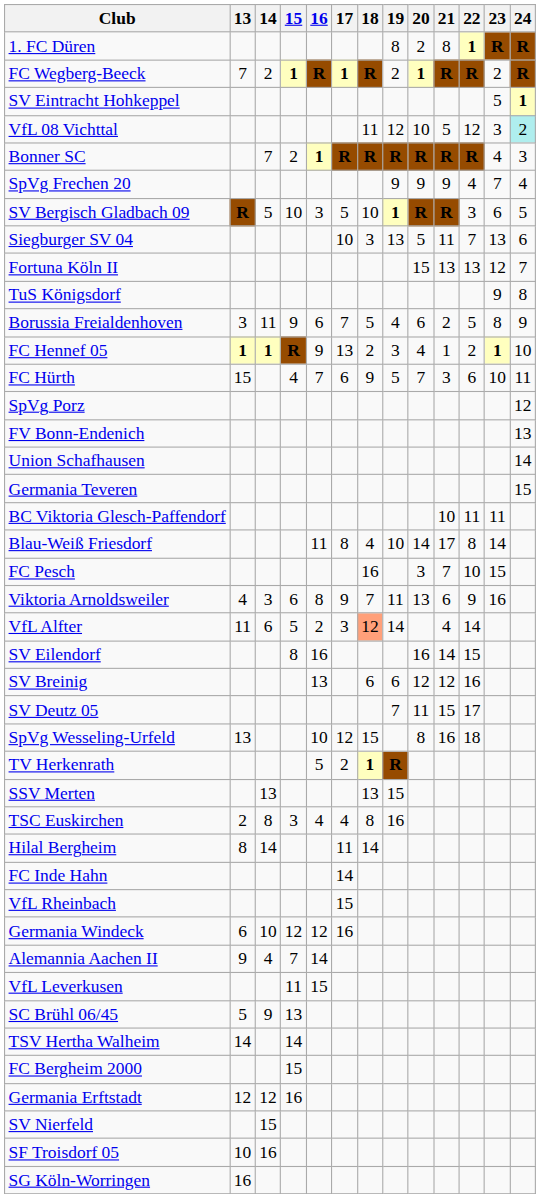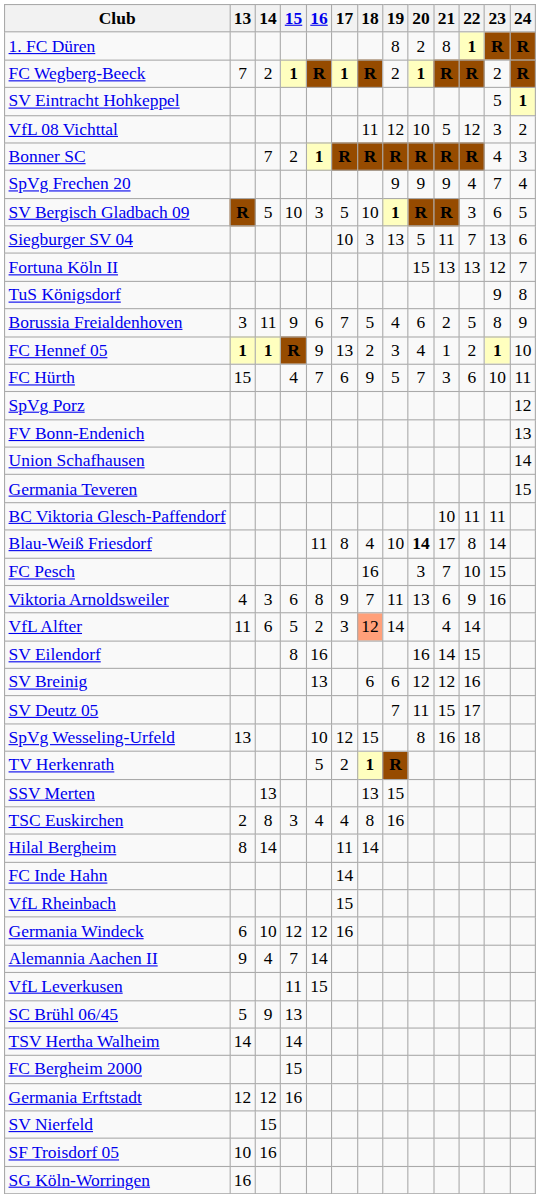 <table class="wikitable">
 <tr>
 <th>Club</th>
 <th>13</th>
 <th>14</th>
 <th><a href='#'>15</a></th>
 <th><a href='#'>16</a></th>
 <th>17</th>
 <th>18</th>
 <th>19</th>
 <th>20</th>
 <th>21</th>
 <th>22</th>
 <th>23</th>
 <th>24</th>
 </tr>
 <tr style="text-align:center;">
 <td align="left"><a href='#'>1. FC Düren</a></td>
 <td></td>
 <td></td>
 <td></td>
 <td></td>
 <td></td>
 <td></td>
 <td>8</td>
 <td>2</td>
 <td>8</td>
 <td style="background:#ffffbf"><strong>1</strong></td>
 <td style="background:#964B00"><strong>R</strong></td>
 <td style="background:#964B00"><strong>R</strong></td>
 </tr>
 <tr style="text-align:center;">
 <td align="left"><a href='#'>FC Wegberg-Beeck</a></td>
 <td>7</td>
 <td>2</td>
 <td style="background:#ffffbf"><strong>1</strong></td>
 <td style="background:#964B00"><strong>R</strong></td>
 <td style="background:#ffffbf"><strong>1</strong></td>
 <td style="background:#964B00"><strong>R</strong></td>
 <td>2</td>
 <td style="background:#ffffbf"><strong>1</strong></td>
 <td style="background:#964B00"><strong>R</strong></td>
 <td style="background:#964B00"><strong>R</strong></td>
 <td>2</td>
 <td style="background:#964B00"><strong>R</strong></td>
 </tr>
 <tr style="text-align:center;">
 <td align="left"><a href='#'>SV Eintracht Hohkeppel</a></td>
 <td></td>
 <td></td>
 <td></td>
 <td></td>
 <td></td>
 <td></td>
 <td></td>
 <td></td>
 <td></td>
 <td></td>
 <td>5</td>
 <td style="background:#ffffbf"><strong>1</strong></td>
 </tr>
 <tr style="text-align:center;">
 <td align="left"><a href='#'>VfL 08 Vichttal</a></td>
 <td></td>
 <td></td>
 <td></td>
 <td></td>
 <td></td>
 <td>11</td>
 <td>12</td>
 <td>10</td>
 <td>5</td>
 <td>12</td>
 <td>3</td>
-<td style="background: paleturquoise;">2</td>
+<td>2</td>
 </tr>
 <tr style="text-align:center;">
 <td align="left"><a href='#'>Bonner SC</a></td>
 <td></td>
 <td>7</td>
 <td>2</td>
 <td style="background:#ffffbf"><strong>1</strong></td>
 <td style="background:#964B00"><strong>R</strong></td>
 <td style="background:#964B00"><strong>R</strong></td>
 <td style="background:#964B00"><strong>R</strong></td>
 <td style="background:#964B00"><strong>R</strong></td>
 <td style="background:#964B00"><strong>R</strong></td>
 <td style="background:#964B00"><strong>R</strong></td>
 <td>4</td>
 <td>3</td>
 </tr>
 <tr style="text-align:center;">
 <td align="left"><a href='#'>SpVg Frechen 20</a></td>
 <td></td>
 <td></td>
 <td></td>
 <td></td>
 <td></td>
 <td></td>
 <td>9</td>
 <td>9</td>
 <td>9</td>
 <td>4</td>
 <td>7</td>
 <td>4</td>
 </tr>
 <tr style="text-align:center;">
 <td align="left"><a href='#'>SV Bergisch Gladbach 09</a></td>
 <td style="background:#964B00"><strong>R</strong></td>
 <td>5</td>
 <td>10</td>
 <td>3</td>
 <td>5</td>
 <td>10</td>
 <td style="background:#ffffbf"><strong>1</strong></td>
 <td style="background:#964B00"><strong>R</strong></td>
 <td style="background:#964B00"><strong>R</strong></td>
 <td>3</td>
 <td>6</td>
 <td>5</td>
 </tr>
 <tr style="text-align:center;">
 <td align="left"><a href='#'>Siegburger SV 04</a></td>
 <td></td>
 <td></td>
 <td></td>
 <td></td>
 <td>10</td>
 <td>3</td>
 <td>13</td>
 <td>5</td>
 <td>11</td>
 <td>7</td>
 <td>13</td>
 <td>6</td>
 </tr>
 <tr style="text-align:center;">
 <td align="left"><a href='#'>Fortuna Köln II</a></td>
 <td></td>
 <td></td>
 <td></td>
 <td></td>
 <td></td>
 <td></td>
 <td></td>
 <td>15</td>
 <td>13</td>
 <td>13</td>
 <td>12</td>
 <td>7</td>
 </tr>
 <tr style="text-align:center;">
 <td align="left"><a href='#'>TuS Königsdorf</a></td>
 <td></td>
 <td></td>
 <td></td>
 <td></td>
 <td></td>
 <td></td>
 <td></td>
 <td></td>
 <td></td>
 <td></td>
 <td>9</td>
 <td>8</td>
 </tr>
 <tr style="text-align:center;">
 <td align="left"><a href='#'>Borussia Freialdenhoven</a></td>
 <td>3</td>
 <td>11</td>
 <td>9</td>
 <td>6</td>
 <td>7</td>
 <td>5</td>
 <td>4</td>
 <td>6</td>
 <td>2</td>
 <td>5</td>
 <td>8</td>
 <td>9</td>
 </tr>
 <tr style="text-align:center;">
 <td align="left"><a href='#'>FC Hennef 05</a></td>
 <td style="background:#ffffbf"><strong>1</strong></td>
 <td style="background:#ffffbf"><strong>1</strong></td>
 <td style="background:#964B00"><strong>R</strong></td>
 <td>9</td>
 <td>13</td>
 <td>2</td>
 <td>3</td>
 <td>4</td>
 <td>1</td>
 <td>2</td>
 <td style="background:#ffffbf"><strong>1</strong></td>
 <td>10</td>
 </tr>
 <tr style="text-align:center;">
 <td align="left"><a href='#'>FC Hürth</a></td>
 <td>15</td>
 <td></td>
 <td>4</td>
 <td>7</td>
 <td>6</td>
 <td>9</td>
 <td>5</td>
 <td>7</td>
 <td>3</td>
 <td>6</td>
 <td>10</td>
 <td>11</td>
 </tr>
 <tr style="text-align:center;">
 <td align="left"><a href='#'>SpVg Porz</a></td>
 <td></td>
 <td></td>
 <td></td>
 <td></td>
 <td></td>
 <td></td>
 <td></td>
 <td></td>
 <td></td>
 <td></td>
 <td></td>
 <td>12</td>
 </tr>
 <tr style="text-align:center;">
 <td align="left"><a href='#'>FV Bonn-Endenich</a></td>
 <td></td>
 <td></td>
 <td></td>
 <td></td>
 <td></td>
 <td></td>
 <td></td>
 <td></td>
 <td></td>
 <td></td>
 <td></td>
 <td>13</td>
 </tr>
 <tr style="text-align:center;">
 <td align="left"><a href='#'>Union Schafhausen</a></td>
 <td></td>
 <td></td>
 <td></td>
 <td></td>
 <td></td>
 <td></td>
 <td></td>
 <td></td>
 <td></td>
 <td></td>
 <td></td>
 <td>14</td>
 </tr>
 <tr style="text-align:center;">
 <td align="left"><a href='#'>Germania Teveren</a></td>
 <td></td>
 <td></td>
 <td></td>
 <td></td>
 <td></td>
 <td></td>
 <td></td>
 <td></td>
 <td></td>
 <td></td>
 <td></td>
 <td>15</td>
 </tr>
 <tr style="text-align:center;">
 <td align="left"><a href='#'>BC Viktoria Glesch-Paffendorf</a></td>
 <td></td>
 <td></td>
 <td></td>
 <td></td>
 <td></td>
 <td></td>
 <td></td>
 <td></td>
 <td>10</td>
 <td>11</td>
 <td>11</td>
 <td></td>
 </tr>
 <tr style="text-align:center;">
 <td align="left"><a href='#'>Blau-Weiß Friesdorf</a></td>
 <td></td>
 <td></td>
 <td></td>
 <td>11</td>
 <td>8</td>
 <td>4</td>
 <td>10</td>
-<td>14</td>
+<td><strong>14</strong></td>
 <td>17</td>
 <td>8</td>
 <td>14</td>
 <td></td>
 </tr>
 <tr style="text-align:center;">
 <td align="left"><a href='#'>FC Pesch</a></td>
 <td></td>
 <td></td>
 <td></td>
 <td></td>
 <td></td>
 <td>16</td>
 <td></td>
 <td>3</td>
 <td>7</td>
 <td>10</td>
 <td>15</td>
 <td></td>
 </tr>
 <tr style="text-align:center;">
 <td align="left"><a href='#'>Viktoria Arnoldsweiler</a></td>
 <td>4</td>
 <td>3</td>
 <td>6</td>
 <td>8</td>
 <td>9</td>
 <td>7</td>
 <td>11</td>
 <td>13</td>
 <td>6</td>
 <td>9</td>
 <td>16</td>
 <td></td>
 </tr>
 <tr style="text-align:center;">
 <td align="left"><a href='#'>VfL Alfter</a></td>
 <td>11</td>
 <td>6</td>
 <td>5</td>
 <td>2</td>
 <td>3</td>
 <td style="background: lightsalmon;">12</td>
 <td>14</td>
 <td></td>
 <td>4</td>
 <td>14</td>
 <td></td>
 <td></td>
 </tr>
 <tr style="text-align:center;">
 <td align="left"><a href='#'>SV Eilendorf</a></td>
 <td></td>
 <td></td>
 <td>8</td>
 <td>16</td>
 <td></td>
 <td></td>
 <td></td>
 <td>16</td>
 <td>14</td>
 <td>15</td>
 <td></td>
 <td></td>
 </tr>
 <tr style="text-align:center;">
 <td align="left"><a href='#'>SV Breinig</a></td>
 <td></td>
 <td></td>
 <td></td>
 <td>13</td>
 <td></td>
 <td>6</td>
 <td>6</td>
 <td>12</td>
 <td>12</td>
 <td>16</td>
 <td></td>
 <td></td>
 </tr>
 <tr style="text-align:center;">
 <td align="left"><a href='#'>SV Deutz 05</a></td>
 <td></td>
 <td></td>
 <td></td>
 <td></td>
 <td></td>
 <td></td>
 <td>7</td>
 <td>11</td>
 <td>15</td>
 <td>17</td>
 <td></td>
 <td></td>
 </tr>
 <tr style="text-align:center;">
 <td align="left"><a href='#'>SpVg Wesseling-Urfeld</a></td>
 <td>13</td>
 <td></td>
 <td></td>
 <td>10</td>
 <td>12</td>
 <td>15</td>
 <td></td>
 <td>8</td>
 <td>16</td>
 <td>18</td>
 <td></td>
 <td></td>
 </tr>
 <tr style="text-align:center;">
 <td align="left"><a href='#'>TV Herkenrath</a></td>
 <td></td>
 <td></td>
 <td></td>
 <td>5</td>
 <td>2</td>
 <td style="background:#ffffbf"><strong>1</strong></td>
 <td style="background:#964B00"><strong>R</strong></td>
 <td></td>
 <td></td>
 <td></td>
 <td></td>
 <td></td>
 </tr>
 <tr style="text-align:center;">
 <td align="left"><a href='#'>SSV Merten</a></td>
 <td></td>
 <td>13</td>
 <td></td>
 <td></td>
 <td></td>
 <td>13</td>
 <td>15</td>
 <td></td>
 <td></td>
 <td></td>
 <td></td>
 <td></td>
 </tr>
 <tr style="text-align:center;">
 <td align="left"><a href='#'>TSC Euskirchen</a></td>
 <td>2</td>
 <td>8</td>
 <td>3</td>
 <td>4</td>
 <td>4</td>
 <td>8</td>
 <td>16</td>
 <td></td>
 <td></td>
 <td></td>
 <td></td>
 <td></td>
 </tr>
 <tr style="text-align:center;">
 <td align="left"><a href='#'>Hilal Bergheim</a></td>
 <td>8</td>
 <td>14</td>
 <td></td>
 <td></td>
 <td>11</td>
 <td>14</td>
 <td></td>
 <td></td>
 <td></td>
 <td></td>
 <td></td>
 <td></td>
 </tr>
 <tr style="text-align:center;">
 <td align="left"><a href='#'>FC Inde Hahn</a></td>
 <td></td>
 <td></td>
 <td></td>
 <td></td>
 <td>14</td>
 <td></td>
 <td></td>
 <td></td>
 <td></td>
 <td></td>
 <td></td>
 <td></td>
 </tr>
 <tr style="text-align:center;">
 <td align="left"><a href='#'>VfL Rheinbach</a></td>
 <td></td>
 <td></td>
 <td></td>
 <td></td>
 <td>15</td>
 <td></td>
 <td></td>
 <td></td>
 <td></td>
 <td></td>
 <td></td>
 <td></td>
 </tr>
 <tr style="text-align:center;">
 <td align="left"><a href='#'>Germania Windeck</a></td>
 <td>6</td>
 <td>10</td>
 <td>12</td>
 <td>12</td>
 <td>16</td>
 <td></td>
 <td></td>
 <td></td>
 <td></td>
 <td></td>
 <td></td>
 <td></td>
 </tr>
 <tr style="text-align:center;">
 <td align="left"><a href='#'>Alemannia Aachen II</a></td>
 <td>9</td>
 <td>4</td>
 <td>7</td>
 <td>14</td>
 <td></td>
 <td></td>
 <td></td>
 <td></td>
 <td></td>
 <td></td>
 <td></td>
 <td></td>
 </tr>
 <tr style="text-align:center;">
 <td align="left"><a href='#'>VfL Leverkusen</a></td>
 <td></td>
 <td></td>
 <td>11</td>
 <td>15</td>
 <td></td>
 <td></td>
 <td></td>
 <td></td>
 <td></td>
 <td></td>
 <td></td>
 <td></td>
 </tr>
 <tr style="text-align:center;">
 <td align="left"><a href='#'>SC Brühl 06/45</a></td>
 <td>5</td>
 <td>9</td>
 <td>13</td>
 <td></td>
 <td></td>
 <td></td>
 <td></td>
 <td></td>
 <td></td>
 <td></td>
 <td></td>
 <td></td>
 </tr>
 <tr style="text-align:center;">
 <td align="left"><a href='#'>TSV Hertha Walheim</a></td>
 <td>14</td>
 <td></td>
 <td>14</td>
 <td></td>
 <td></td>
 <td></td>
 <td></td>
 <td></td>
 <td></td>
 <td></td>
 <td></td>
 <td></td>
 </tr>
 <tr style="text-align:center;">
 <td align="left"><a href='#'>FC Bergheim 2000</a></td>
 <td></td>
 <td></td>
 <td>15</td>
 <td></td>
 <td></td>
 <td></td>
 <td></td>
 <td></td>
 <td></td>
 <td></td>
 <td></td>
 <td></td>
 </tr>
 <tr style="text-align:center;">
 <td align="left"><a href='#'>Germania Erftstadt</a></td>
 <td>12</td>
 <td>12</td>
 <td>16</td>
 <td></td>
 <td></td>
 <td></td>
 <td></td>
 <td></td>
 <td></td>
 <td></td>
 <td></td>
 <td></td>
 </tr>
 <tr style="text-align:center;">
 <td align="left"><a href='#'>SV Nierfeld</a></td>
 <td></td>
 <td>15</td>
 <td></td>
 <td></td>
 <td></td>
 <td></td>
 <td></td>
 <td></td>
 <td></td>
 <td></td>
 <td></td>
 <td></td>
 </tr>
 <tr style="text-align:center;">
 <td align="left"><a href='#'>SF Troisdorf 05</a></td>
 <td>10</td>
 <td>16</td>
 <td></td>
 <td></td>
 <td></td>
 <td></td>
 <td></td>
 <td></td>
 <td></td>
 <td></td>
 <td></td>
 </tr>
 <tr style="text-align:center;">
 <td align="left"><a href='#'>SG Köln-Worringen</a></td>
 <td>16</td>
 <td></td>
 <td></td>
 <td></td>
 <td></td>
 <td></td>
 <td></td>
 <td></td>
 <td></td>
 <td></td>
 <td></td>
 <td></td>
 </tr>
 </table>
